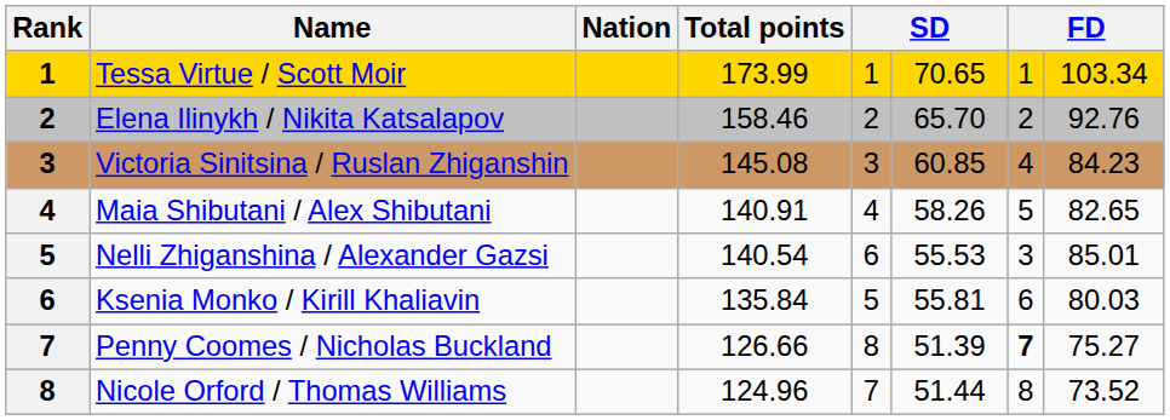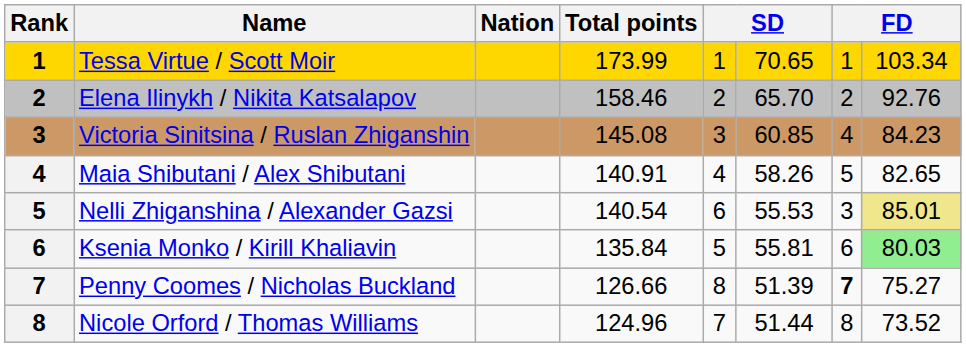 <table class="wikitable sortable">
 <tr>
 <th>Rank</th>
 <th>Name</th>
 <th>Nation</th>
 <th>Total points</th>
 <th colspan="2" width="80px"><a href='#'>SD</a></th>
 <th colspan="2" width="80px"><a href='#'>FD</a></th>
 </tr>
 <tr bgcolor="gold">
 <td align="center"><strong>1</strong></td>
 <td><a href='#'>Tessa Virtue</a> / <a href='#'>Scott Moir</a></td>
 <td></td>
 <td align="center">173.99</td>
 <td align="center">1</td>
 <td align="center">70.65</td>
 <td align="center">1</td>
 <td align="center">103.34</td>
 </tr>
 <tr bgcolor="silver">
 <td align="center"><strong>2</strong></td>
 <td><a href='#'>Elena Ilinykh</a> / <a href='#'>Nikita Katsalapov</a></td>
 <td></td>
 <td align="center">158.46</td>
 <td align="center">2</td>
 <td align="center">65.70</td>
 <td align="center">2</td>
 <td align="center">92.76</td>
 </tr>
 <tr bgcolor="cc9966">
 <td align="center"><strong>3</strong></td>
 <td><a href='#'>Victoria Sinitsina</a> / <a href='#'>Ruslan Zhiganshin</a></td>
 <td></td>
 <td align="center">145.08</td>
 <td align="center">3</td>
 <td align="center">60.85</td>
 <td align="center">4</td>
 <td align="center">84.23</td>
 </tr>
 <tr>
 <th>4</th>
 <td><a href='#'>Maia Shibutani</a> / <a href='#'>Alex Shibutani</a></td>
 <td></td>
 <td align="center">140.91</td>
 <td align="center">4</td>
 <td align="center">58.26</td>
 <td align="center">5</td>
 <td align="center">82.65</td>
 </tr>
 <tr>
 <th>5</th>
 <td><a href='#'>Nelli Zhiganshina</a> / <a href='#'>Alexander Gazsi</a></td>
 <td></td>
 <td align="center">140.54</td>
 <td align="center">6</td>
 <td align="center">55.53</td>
 <td align="center">3</td>
-<td align="center">85.01</td>
+<td align="center" style="background: khaki;">85.01</td>
 </tr>
 <tr>
 <th>6</th>
 <td><a href='#'>Ksenia Monko</a> / <a href='#'>Kirill Khaliavin</a></td>
 <td></td>
 <td align="center">135.84</td>
 <td align="center">5</td>
 <td align="center">55.81</td>
 <td align="center">6</td>
-<td align="center">80.03</td>
+<td align="center" style="background: lightgreen;">80.03</td>
 </tr>
 <tr>
 <th>7</th>
 <td><a href='#'>Penny Coomes</a> / <a href='#'>Nicholas Buckland</a></td>
 <td></td>
 <td align="center">126.66</td>
 <td align="center">8</td>
 <td align="center">51.39</td>
 <td align="center"><strong>7</strong></td>
 <td align="center">75.27</td>
 </tr>
 <tr>
 <th>8</th>
 <td><a href='#'>Nicole Orford</a> / <a href='#'>Thomas Williams</a></td>
 <td></td>
 <td align="center">124.96</td>
 <td align="center">7</td>
 <td align="center">51.44</td>
 <td align="center">8</td>
 <td align="center">73.52</td>
 </tr>
 </table>
